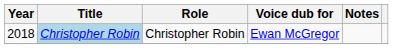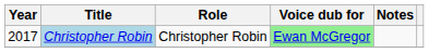 <table class="wikitable">
 <tr>
 <th>Year</th>
 <th>Title</th>
 <th>Role</th>
 <th>Voice dub for</th>
 <th>Notes</th>
 <th></th>
 </tr>
 <tr>
-<td>2018</td>
+<td>2017</td>
 <td style="background: lightblue;"><em><a href='#'>Christopher Robin</a></em></td>
 <td>Christopher Robin</td>
-<td><a href='#'>Ewan McGregor</a></td>
+<td style="background: lightgreen;"><a href='#'>Ewan McGregor</a></td>
 <td></td>
 <td></td>
 </tr>
 <tr>
 </tr>
 </table>
